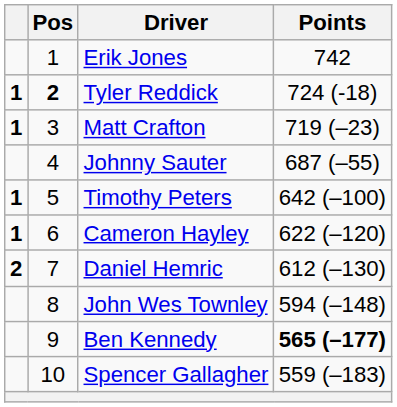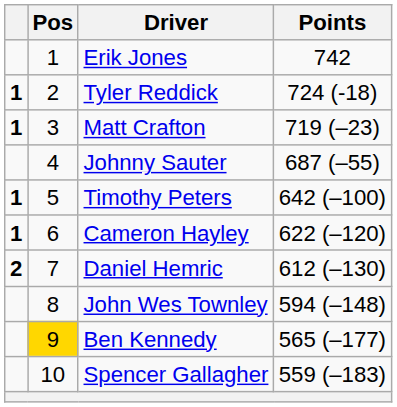 <table class="wikitable" style="font-size: 95%;">
 <tr>
 <th></th>
 <th>Pos</th>
 <th>Driver</th>
 <th>Points</th>
 </tr>
 <tr>
 <td align="left"></td>
 <td style="text-align:center;">1</td>
 <td><a href='#'>Erik Jones</a></td>
 <td style="text-align:center;">742</td>
 </tr>
 <tr>
 <td align="left"> <strong>1</strong></td>
-<td style="text-align:center;"><strong>2</strong></td>
+<td style="text-align:center;">2</td>
 <td><a href='#'>Tyler Reddick</a></td>
 <td style="text-align:center;">724 (-18)</td>
 </tr>
 <tr>
 <td align="left"> <strong>1</strong></td>
 <td style="text-align:center;">3</td>
 <td><a href='#'>Matt Crafton</a></td>
 <td style="text-align:center;">719 (–23)</td>
 </tr>
 <tr>
 <td align="left"></td>
 <td style="text-align:center;">4</td>
 <td><a href='#'>Johnny Sauter</a></td>
 <td style="text-align:center;">687 (–55)</td>
 </tr>
 <tr>
 <td align="left"> <strong>1</strong></td>
 <td style="text-align:center;">5</td>
 <td><a href='#'>Timothy Peters</a></td>
 <td style="text-align:center;">642 (–100)</td>
 </tr>
 <tr>
 <td align="left"> <strong>1</strong></td>
 <td style="text-align:center;">6</td>
 <td><a href='#'>Cameron Hayley</a></td>
 <td style="text-align:center;">622 (–120)</td>
 </tr>
 <tr>
 <td align="left"> <strong>2</strong></td>
 <td style="text-align:center;">7</td>
 <td><a href='#'>Daniel Hemric</a></td>
 <td style="text-align:center;">612 (–130)</td>
 </tr>
 <tr>
 <td align="left"></td>
 <td style="text-align:center;">8</td>
 <td><a href='#'>John Wes Townley</a></td>
 <td style="text-align:center;">594 (–148)</td>
 </tr>
 <tr>
 <td align="left"></td>
-<td style="text-align:center;">9</td>
+<td style="background: gold; text-align:center;">9</td>
 <td><a href='#'>Ben Kennedy</a></td>
-<td style="text-align:center;"><strong>565 (–177)</strong></td>
+<td style="text-align:center;">565 (–177)</td>
 </tr>
 <tr>
 <td align="left"></td>
 <td style="text-align:center;">10</td>
 <td><a href='#'>Spencer Gallagher</a></td>
 <td style="text-align:center;">559 (–183)</td>
 </tr>
 <tr>
 <th colspan="9"></th>
 </tr>
 </table>
